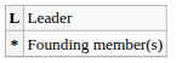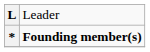 <table class="wikitable">
 <tr>
 <th>L</th>
 <td>Leader</td>
 </tr>
 <tr>
 <th>*</th>
-<td>Founding member(s)</td>
+<td><strong>Founding member(s)</strong></td>
 </tr>
 <tr>
 </tr>
 </table>
